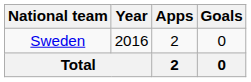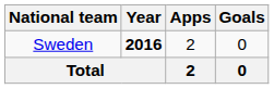 <table class="wikitable" style="text-align:center">
 <tr>
 <th>National team</th>
 <th>Year</th>
 <th>Apps</th>
 <th>Goals</th>
 </tr>
 <tr>
 <td><a href='#'>Sweden</a></td>
-<td>2016</td>
+<td><strong>2016</strong></td>
 <td>2</td>
 <td>0</td>
 </tr>
 <tr>
 <th colspan="2">Total</th>
 <th>2</th>
 <th>0</th>
 </tr>
 </table>
